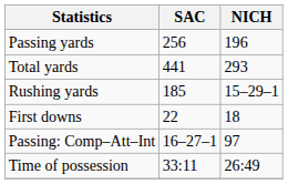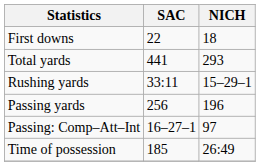 <table class="wikitable" style="float: left;">
 <tr>
 <th>Statistics</th>
 <th>SAC</th>
 <th>NICH</th>
 </tr>
 <tr>
-<td>Passing yards</td>
-<td>256</td>
-<td>196</td>
+<td>First downs</td>
+<td>22</td>
+<td>18</td>
 </tr>
 <tr>
 <td>Total yards</td>
 <td>441</td>
 <td>293</td>
 </tr>
 <tr>
 <td>Rushing yards</td>
-<td>185</td>
+<td>33:11</td>
 <td>15–29–1</td>
 </tr>
 <tr>
-<td>First downs</td>
-<td>22</td>
-<td>18</td>
+<td>Passing yards</td>
+<td>256</td>
+<td>196</td>
 </tr>
 <tr>
 <td>Passing: Comp–Att–Int</td>
 <td>16–27–1</td>
 <td>97</td>
 </tr>
 <tr>
 <td>Time of possession</td>
-<td>33:11</td>
+<td>185</td>
 <td>26:49</td>
 </tr>
 <tr>
 </tr>
 </table>
